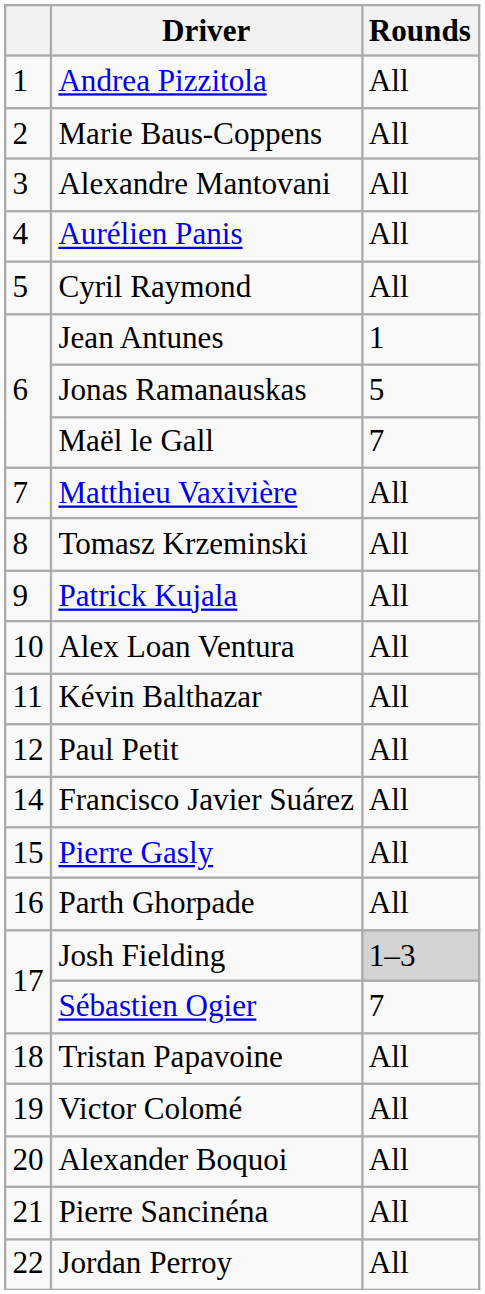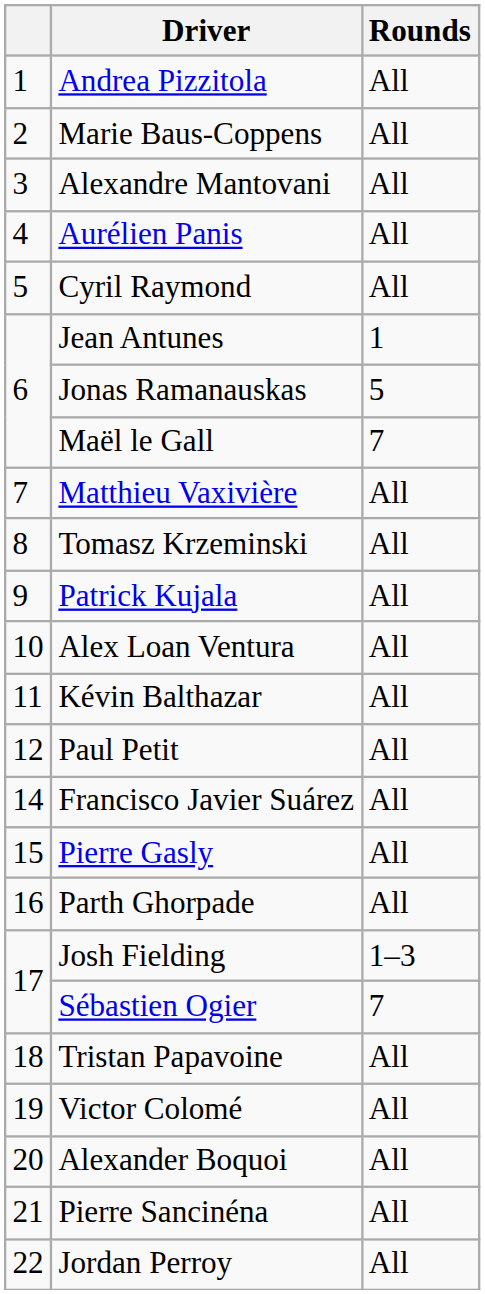 <table class="wikitable" style="font-size: 85%;">
 <tr>
 <th></th>
 <th>Driver</th>
 <th>Rounds</th>
 </tr>
 <tr>
 <td>1</td>
 <td> <a href='#'>Andrea Pizzitola</a></td>
 <td>All</td>
 </tr>
 <tr>
 <td>2</td>
 <td> Marie Baus-Coppens</td>
 <td>All</td>
 </tr>
 <tr>
 <td>3</td>
 <td> Alexandre Mantovani</td>
 <td>All</td>
 </tr>
 <tr>
 <td>4</td>
 <td> <a href='#'>Aurélien Panis</a></td>
 <td>All</td>
 </tr>
 <tr>
 <td>5</td>
 <td> Cyril Raymond</td>
 <td>All</td>
 </tr>
 <tr>
 <td rowspan=3>6</td>
 <td> Jean Antunes</td>
 <td>1</td>
 </tr>
 <tr>
 <td> Jonas Ramanauskas</td>
 <td>5</td>
 </tr>
 <tr>
 <td> Maël le Gall</td>
 <td>7</td>
 </tr>
 <tr>
 <td>7</td>
 <td> <a href='#'>Matthieu Vaxivière</a></td>
 <td>All</td>
 </tr>
 <tr>
 <td>8</td>
 <td> Tomasz Krzeminski</td>
 <td>All</td>
 </tr>
 <tr>
 <td>9</td>
 <td> <a href='#'>Patrick Kujala</a></td>
 <td>All</td>
 </tr>
 <tr>
 <td>10</td>
 <td> Alex Loan Ventura</td>
 <td>All</td>
 </tr>
 <tr>
 <td>11</td>
 <td> Kévin Balthazar</td>
 <td>All</td>
 </tr>
 <tr>
 <td>12</td>
 <td> Paul Petit</td>
 <td>All</td>
 </tr>
 <tr>
 <td>14</td>
 <td> Francisco Javier Suárez</td>
 <td>All</td>
 </tr>
 <tr>
 <td>15</td>
 <td> <a href='#'>Pierre Gasly</a></td>
 <td>All</td>
 </tr>
 <tr>
 <td>16</td>
 <td> Parth Ghorpade</td>
 <td>All</td>
 </tr>
 <tr>
 <td rowspan=2>17</td>
 <td> Josh Fielding</td>
-<td style="background: lightgrey;">1–3</td>
+<td>1–3</td>
 </tr>
 <tr>
 <td> <a href='#'>Sébastien Ogier</a></td>
 <td>7</td>
 </tr>
 <tr>
 <td>18</td>
 <td> Tristan Papavoine</td>
 <td>All</td>
 </tr>
 <tr>
 <td>19</td>
 <td> Victor Colomé</td>
 <td>All</td>
 </tr>
 <tr>
 <td>20</td>
 <td> Alexander Boquoi</td>
 <td>All</td>
 </tr>
 <tr>
 <td>21</td>
 <td> Pierre Sancinéna</td>
 <td>All</td>
 </tr>
 <tr>
 <td>22</td>
 <td> Jordan Perroy</td>
 <td>All</td>
 </tr>
 </table>
